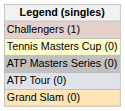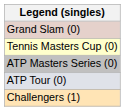 <table class="wikitable">
 <tr>
 <th>Legend (singles)</th>
 </tr>
 <tr bgcolor="#e5d1cb">
-<td>Challengers (1)</td>
+<td>Grand Slam (0)</td>
 </tr>
 <tr bgcolor="ffffcc">
 <td>Tennis Masters Cup (0)</td>
 </tr>
 <tr bgcolor="silver">
 <td>ATP Masters Series (0)</td>
 </tr>
 <tr bgcolor="#dfe2e9">
 <td>ATP Tour (0)</td>
 </tr>
 <tr bgcolor="moccasin">
-<td>Grand Slam (0)</td>
+<td>Challengers (1)</td>
 </tr>
 </table>
